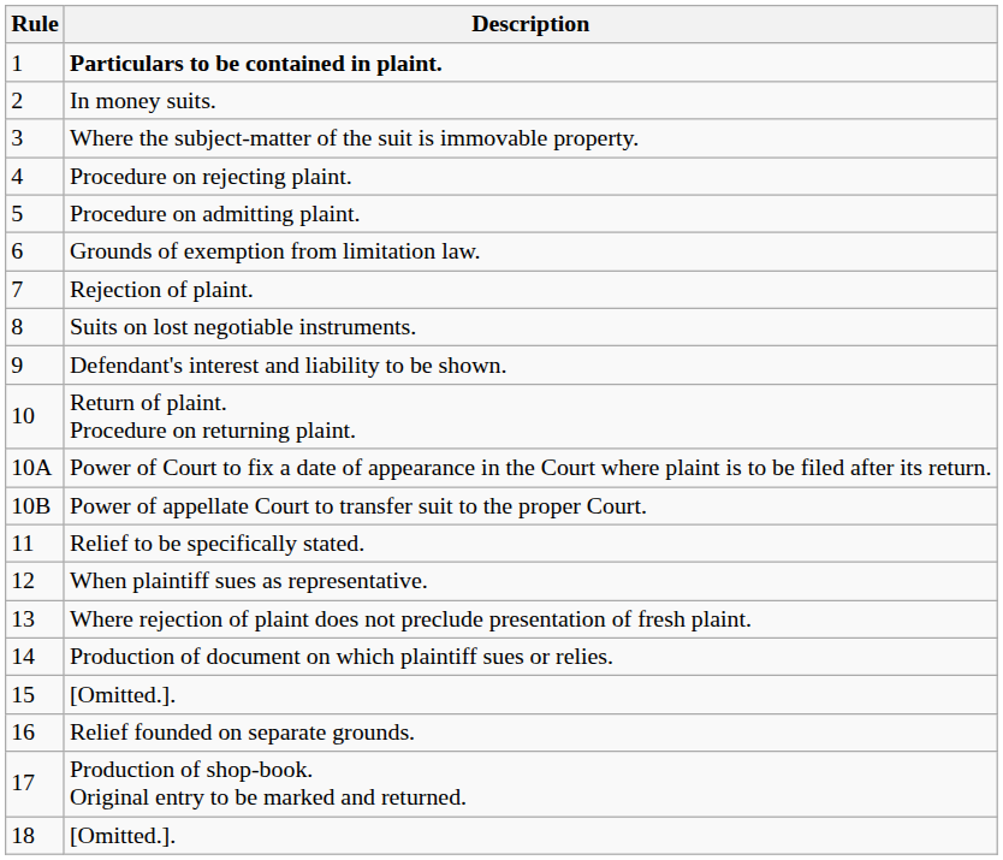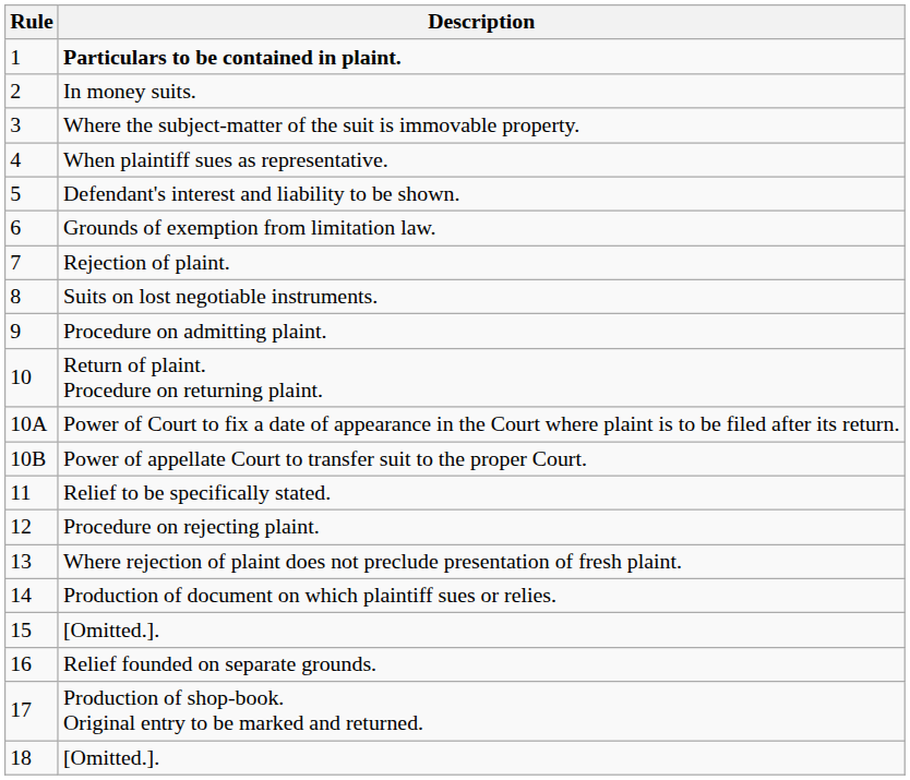 <table class="wikitable">
 <tr>
 <th>Rule</th>
 <th>Description</th>
 </tr>
 <tr>
 <td>1</td>
 <td><strong>Particulars to be contained in plaint.</strong></td>
 </tr>
 <tr>
 <td>2</td>
 <td>In money suits.</td>
 </tr>
 <tr>
 <td>3</td>
 <td>Where the subject-matter of the suit is immovable property.</td>
 </tr>
 <tr>
 <td>4</td>
-<td>Procedure on rejecting plaint.</td>
+<td>When plaintiff sues as representative.</td>
 </tr>
 <tr>
 <td>5</td>
-<td>Procedure on admitting plaint.</td>
+<td>Defendant's interest and liability to be shown.</td>
 </tr>
 <tr>
 <td>6</td>
 <td>Grounds of exemption from limitation law.</td>
 </tr>
 <tr>
 <td>7</td>
 <td>Rejection of plaint.</td>
 </tr>
 <tr>
 <td>8</td>
 <td>Suits on lost negotiable instruments.</td>
 </tr>
 <tr>
 <td>9</td>
-<td>Defendant's interest and liability to be shown.</td>
+<td>Procedure on admitting plaint.</td>
 </tr>
 <tr>
 <td>10</td>
 <td>Return of plaint.<br>Procedure on returning plaint.</td>
 </tr>
 <tr>
 <td>10A</td>
 <td>Power of Court to fix a date of appearance in the Court where plaint is to be filed after its  return.</td>
 </tr>
 <tr>
 <td>10B</td>
 <td>Power of appellate Court to transfer suit to the proper Court.</td>
 </tr>
 <tr>
 <td>11</td>
 <td>Relief to be specifically stated.</td>
 </tr>
 <tr>
 <td>12</td>
-<td>When plaintiff sues as representative.</td>
+<td>Procedure on rejecting plaint.</td>
 </tr>
 <tr>
 <td>13</td>
 <td>Where rejection of plaint does not preclude presentation of fresh plaint.</td>
 </tr>
 <tr>
 <td>14</td>
 <td>Production of document on which plaintiff sues or relies.</td>
 </tr>
 <tr>
 <td>15</td>
 <td>[Omitted.].</td>
 </tr>
 <tr>
 <td>16</td>
 <td>Relief founded on separate grounds.</td>
 </tr>
 <tr>
 <td>17</td>
 <td>Production of shop-book.<br>Original entry to be marked and returned.</td>
 </tr>
 <tr>
 <td>18</td>
 <td>[Omitted.].</td>
 </tr>
 </table>
